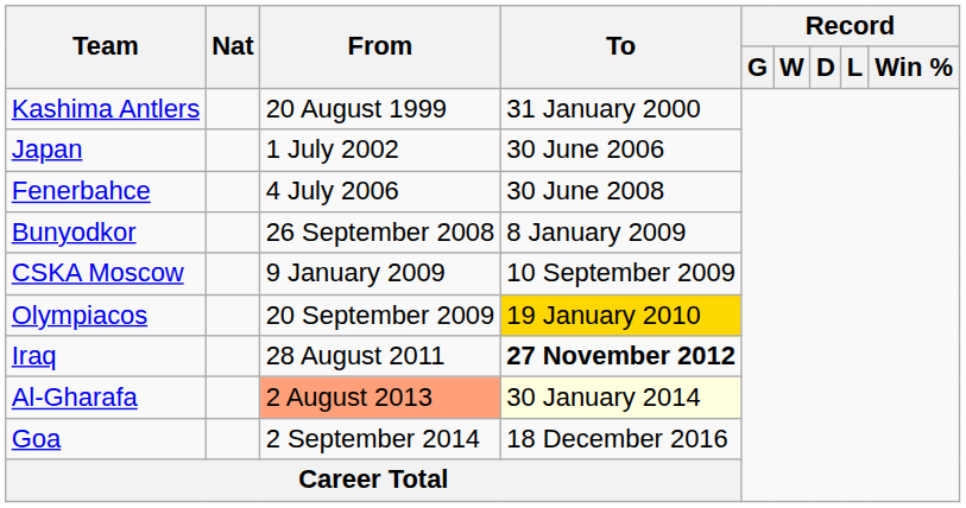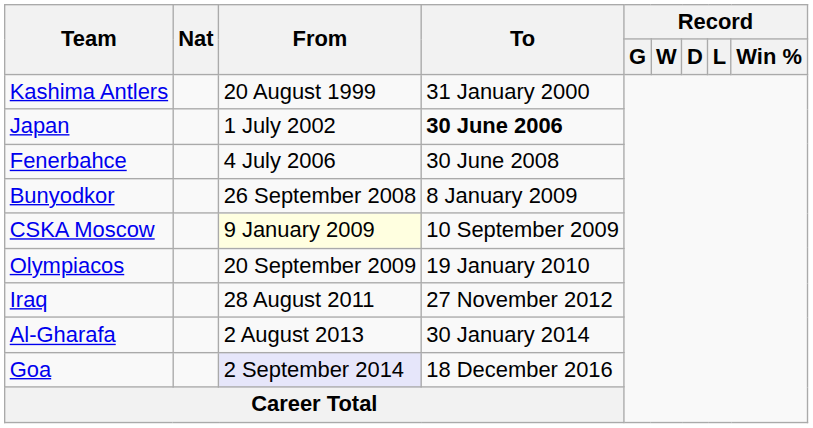 <table class="wikitable" style="text-align: center">
 <tr>
 <th rowspan="2">Team</th>
 <th rowspan="2">Nat</th>
 <th rowspan="2">From</th>
 <th rowspan="2">To</th>
 <th colspan="9">Record</th>
 </tr>
 <tr>
 <th>G</th>
 <th>W</th>
 <th>D</th>
 <th>L</th>
 <th>Win %</th>
 </tr>
 <tr>
 <td align=left><a href='#'>Kashima Antlers</a></td>
 <td></td>
 <td align=left>20 August 1999</td>
 <td align=left>31 January 2000<br></td>
 </tr>
 <tr>
 <td align=left><a href='#'>Japan</a></td>
 <td></td>
 <td align=left>1 July 2002</td>
-<td align=left>30 June 2006<br></td>
+<td align=left><strong>30 June 2006<br></strong></td>
 </tr>
 <tr>
 <td align=left><a href='#'>Fenerbahce</a></td>
 <td></td>
 <td align=left>4 July 2006</td>
 <td align=left>30 June 2008<br></td>
 </tr>
 <tr>
 <td align=left><a href='#'>Bunyodkor</a></td>
 <td></td>
 <td align=left>26 September 2008</td>
 <td align=left>8 January 2009<br></td>
 </tr>
 <tr>
 <td align=left><a href='#'>CSKA Moscow</a></td>
 <td></td>
-<td align=left>9 January 2009</td>
+<td align=left style="background: lightyellow;">9 January 2009</td>
 <td align=left>10 September 2009<br></td>
 </tr>
 <tr>
 <td align=left><a href='#'>Olympiacos</a></td>
 <td></td>
 <td align=left>20 September 2009</td>
-<td align=left style="background: gold;">19 January 2010<br></td>
+<td align=left>19 January 2010<br></td>
 </tr>
 <tr>
 <td align=left><a href='#'>Iraq</a></td>
 <td></td>
 <td align=left>28 August 2011</td>
-<td align=left><strong>27 November 2012<br></strong></td>
+<td align=left>27 November 2012<br></td>
 </tr>
 <tr>
 <td align=left><a href='#'>Al-Gharafa</a></td>
 <td></td>
-<td align=left style="background: lightsalmon;">2 August 2013</td>
-<td align=left style="background: lightyellow;">30 January 2014<br></td>
+<td align=left>2 August 2013</td>
+<td align=left>30 January 2014<br></td>
 </tr>
 <tr>
 <td align=left><a href='#'>Goa</a></td>
 <td></td>
-<td align=left>2 September 2014</td>
+<td align=left style="background: lavender;">2 September 2014</td>
 <td align=left>18 December 2016<br></td>
 </tr>
 <tr>
 <th colspan="4">Career Total<br></th>
 </tr>
 </table>
